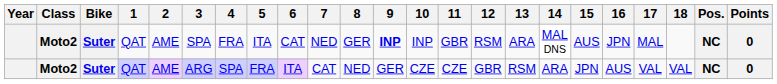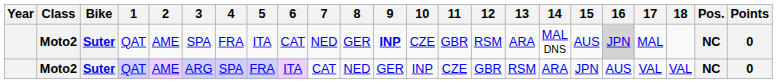 <table class="wikitable" style="text-align:center;">
 <tr>
 <th>Year</th>
 <th>Class</th>
 <th>Bike</th>
 <th>1</th>
 <th>2</th>
 <th>3</th>
 <th>4</th>
 <th>5</th>
 <th>6</th>
 <th>7</th>
 <th>8</th>
 <th>9</th>
 <th>10</th>
 <th>11</th>
 <th>12</th>
 <th>13</th>
 <th>14</th>
 <th>15</th>
 <th>16</th>
 <th>17</th>
 <th>18</th>
 <th>Pos.</th>
 <th>Points</th>
 </tr>
 <tr>
 <th></th>
 <th>Moto2</th>
 <th><a href='#'>Suter</a></th>
 <td><a href='#'>QAT</a></td>
 <td><a href='#'>AME</a></td>
 <td><a href='#'>SPA</a></td>
 <td><a href='#'>FRA</a></td>
 <td><a href='#'>ITA</a></td>
 <td><a href='#'>CAT</a></td>
 <td><a href='#'>NED</a></td>
 <td><a href='#'>GER</a></td>
 <td><strong><a href='#'>INP</a></strong></td>
-<td><a href='#'>INP</a></td>
+<td><a href='#'>CZE</a></td>
 <td><a href='#'>GBR</a></td>
 <td><a href='#'>RSM</a></td>
 <td><a href='#'>ARA</a></td>
 <td style="background:#FFFFFF;"><a href='#'>MAL</a><br><small>DNS</small></td>
 <td><a href='#'>AUS</a></td>
-<td><a href='#'>JPN</a></td>
+<td style="background: lightgrey;"><a href='#'>JPN</a></td>
 <td><a href='#'>MAL</a></td>
 <td></td>
 <th>NC</th>
 <th>0</th>
 </tr>
 <tr>
 <th></th>
 <th>Moto2</th>
 <th><a href='#'>Suter</a></th>
 <td style="background:#CFCFFF;"><a href='#'>QAT</a><br></td>
 <td style="background:#EFCFFF;"><a href='#'>AME</a><br></td>
 <td style="background:#CFCFFF;"><a href='#'>ARG</a><br></td>
 <td style="background:#CFCFFF;"><a href='#'>SPA</a><br></td>
 <td style="background:#CFCFFF;"><a href='#'>FRA</a><br></td>
 <td style="background:#EFCFFF;"><a href='#'>ITA</a><br></td>
 <td><a href='#'>CAT</a></td>
 <td><a href='#'>NED</a></td>
 <td><a href='#'>GER</a></td>
-<td><a href='#'>CZE</a></td>
+<td><a href='#'>INP</a></td>
 <td><a href='#'>CZE</a></td>
 <td><a href='#'>GBR</a></td>
 <td><a href='#'>RSM</a></td>
 <td><a href='#'>ARA</a></td>
 <td><a href='#'>JPN</a></td>
 <td><a href='#'>AUS</a></td>
 <td><a href='#'>VAL</a></td>
 <td><a href='#'>VAL</a></td>
 <th>NC</th>
 <th>0</th>
 </tr>
 </table>
